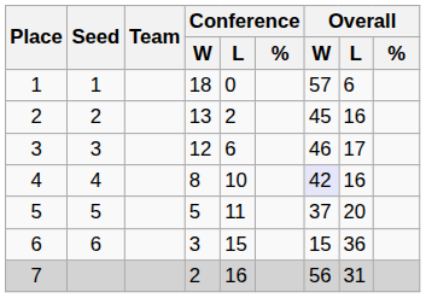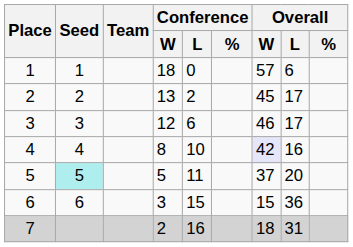 <table class="wikitable">
 <tr>
 <th rowspan ="2">Place</th>
 <th rowspan ="2">Seed</th>
 <th rowspan ="2">Team</th>
 <th colspan = "3">Conference</th>
 <th colspan = "3">Overall</th>
 </tr>
 <tr>
 <th scope="col" style="width: 20px;">W</th>
 <th scope="col" style="width: 20px;">L</th>
 <th scope="col" style="width: 30px;">%</th>
 <th scope="col" style="width: 20px;">W</th>
 <th scope="col" style="width: 20px;">L</th>
 <th scope="col" style="width: 30px;">%</th>
 </tr>
 <tr>
 <td style="text-align:center;">1</td>
 <td style="text-align:center;">1</td>
 <td></td>
 <td>18</td>
 <td>0</td>
 <td></td>
 <td>57</td>
 <td>6</td>
 <td></td>
 </tr>
 <tr>
 <td style="text-align:center;">2</td>
 <td style="text-align:center;">2</td>
 <td></td>
 <td>13</td>
 <td>2</td>
 <td></td>
 <td>45</td>
-<td>16</td>
+<td>17</td>
 <td></td>
 </tr>
 <tr>
 <td style="text-align:center;">3</td>
 <td style="text-align:center;">3</td>
 <td></td>
 <td>12</td>
 <td>6</td>
 <td></td>
 <td>46</td>
 <td>17</td>
 <td></td>
 </tr>
 <tr>
 <td style="text-align:center;">4</td>
 <td style="text-align:center;">4</td>
 <td></td>
 <td>8</td>
 <td>10</td>
 <td></td>
 <td style="background: lavender;">42</td>
 <td>16</td>
 <td></td>
 </tr>
 <tr>
 <td style="text-align:center;">5</td>
-<td style="text-align:center;">5</td>
+<td style="background: paleturquoise; text-align:center;">5</td>
 <td></td>
 <td>5</td>
 <td>11</td>
 <td></td>
 <td>37</td>
 <td>20</td>
 <td></td>
 </tr>
 <tr>
 <td style="text-align:center;">6</td>
 <td style="text-align:center;">6</td>
 <td></td>
 <td>3</td>
 <td>15</td>
 <td></td>
 <td>15</td>
 <td>36</td>
 <td></td>
 </tr>
 <tr bgcolor=#d3d3d3>
 <td style="text-align:center;">7</td>
 <td style="text-align:center;"></td>
 <td></td>
 <td>2</td>
 <td>16</td>
 <td></td>
-<td>56</td>
+<td>18</td>
 <td>31</td>
 <td></td>
 </tr>
 </table>
